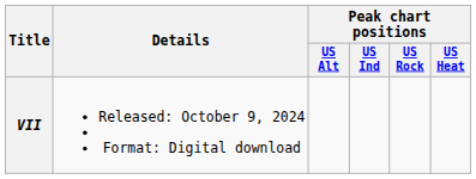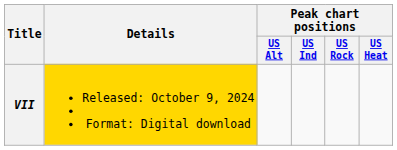 <table class="wikitable plainrowheaders" style="text-align:center;">
 <tr>
 <th scope="col" rowspan="2">Title</th>
 <th scope="col" rowspan="2">Details</th>
 <th scope="col" colspan="4">Peak chart positions</th>
 </tr>
 <tr>
 <th style="width:3em;font-size:85%"><a href='#'>US<br>Alt</a></th>
 <th style="width:3em;font-size:85%"><a href='#'>US<br>Ind</a></th>
 <th style="width:3em;font-size:85%"><a href='#'>US<br>Rock</a></th>
 <th style="width:3em;font-size:85%"><a href='#'>US<br>Heat</a></th>
 </tr>
 <tr>
 <th scope="row"><em>VII</em></th>
-<td><br><ul><li>Released: October 9, 2024</li><li></li><li>Format: Digital download</li></ul></td>
+<td style="background: gold;"><br><ul><li>Released: October 9, 2024</li><li></li><li>Format: Digital download</li></ul></td>
 <td></td>
 <td></td>
 <td></td>
 <td></td>
 </tr>
 </table>
